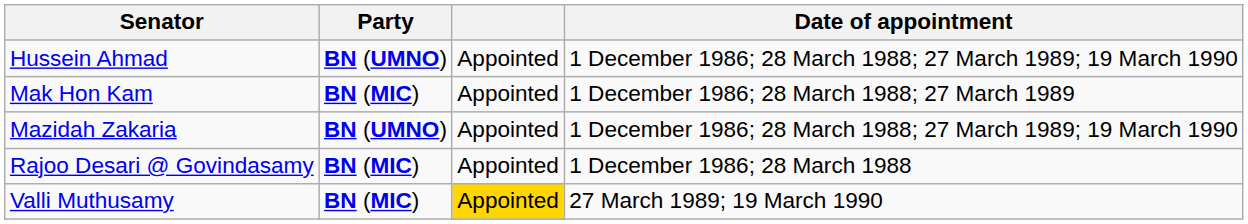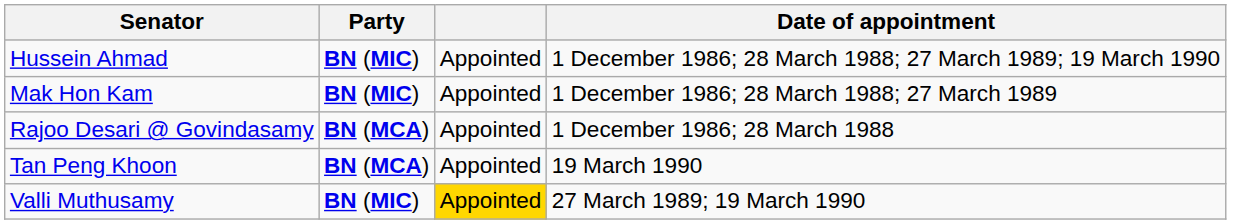 <table class="wikitable sortable">
 <tr>
 <th>Senator</th>
 <th>Party</th>
 <th></th>
 <th>Date of appointment</th>
 </tr>
 <tr>
 <td><a href='#'>Hussein Ahmad</a></td>
-<td><strong><a href='#'>BN</a></strong> (<strong><a href='#'>UMNO</a></strong>)</td>
+<td><strong><a href='#'>BN</a></strong> (<strong><a href='#'>MIC</a></strong>)</td>
 <td>Appointed</td>
 <td>1 December 1986; 28 March 1988; 27 March 1989; 19 March 1990</td>
 </tr>
 <tr>
 <td><a href='#'>Mak Hon Kam</a></td>
 <td><strong><a href='#'>BN</a></strong> (<strong><a href='#'>MIC</a></strong>)</td>
 <td>Appointed</td>
 <td>1 December 1986; 28 March 1988; 27 March 1989</td>
 </tr>
 <tr>
-<td><a href='#'>Mazidah Zakaria</a></td>
-<td><strong><a href='#'>BN</a></strong> (<strong><a href='#'>UMNO</a></strong>)</td>
+<td><a href='#'>Rajoo Desari @ Govindasamy</a></td>
+<td><strong><a href='#'>BN</a></strong> (<strong><a href='#'>MCA</a></strong>)</td>
 <td>Appointed</td>
-<td>1 December 1986; 28 March 1988; 27 March 1989; 19 March 1990</td>
+<td>1 December 1986; 28 March 1988</td>
 </tr>
 <tr>
-<td><a href='#'>Rajoo Desari @ Govindasamy</a></td>
-<td><strong><a href='#'>BN</a></strong> (<strong><a href='#'>MIC</a></strong>)</td>
+<td><a href='#'>Tan Peng Khoon</a></td>
+<td><strong><a href='#'>BN</a></strong> (<strong><a href='#'>MCA</a></strong>)</td>
 <td>Appointed</td>
-<td>1 December 1986; 28 March 1988</td>
+<td>19 March 1990</td>
 </tr>
 <tr>
 <td><a href='#'>Valli Muthusamy</a></td>
 <td><strong><a href='#'>BN</a></strong> (<strong><a href='#'>MIC</a></strong>)</td>
 <td style="background: gold;">Appointed</td>
 <td>27 March 1989; 19 March 1990</td>
 </tr>
 </table>
